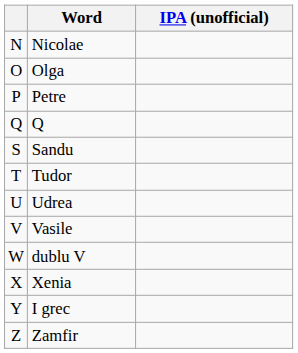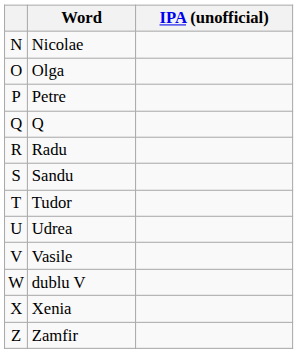 <table class="wikitable" style="display: inline-table">
 <tr>
 <th> </th>
 <th style="width:6em">Word</th>
 <th style="width:9em"><a href='#'>IPA</a> (unofficial)</th>
 </tr>
 <tr>
 <td align="center">N</td>
 <td>Nicolae</td>
 <td></td>
 </tr>
 <tr>
 <td align="center">O</td>
 <td>Olga</td>
 <td></td>
 </tr>
 <tr>
 <td align="center">P</td>
 <td>Petre</td>
 <td></td>
 </tr>
 <tr>
 <td align="center">Q</td>
 <td>Q</td>
+<td></td>
+</tr>
+<tr>
+<td align="center">R</td>
+<td>Radu</td>
 <td></td>
 </tr>
 <tr>
 <td align="center">S</td>
 <td>Sandu</td>
 <td></td>
 </tr>
 <tr>
 <td align="center">T</td>
 <td>Tudor</td>
 <td></td>
 </tr>
 <tr>
 <td align="center">U</td>
 <td>Udrea</td>
 <td></td>
 </tr>
 <tr>
 <td align="center">V</td>
 <td>Vasile</td>
 <td></td>
 </tr>
 <tr>
 <td align="center">W</td>
 <td>dublu V</td>
 <td></td>
 </tr>
 <tr>
 <td align="center">X</td>
 <td>Xenia</td>
 <td></td>
 </tr>
 <tr>
-<td align="center">Y</td>
-<td>I grec</td>
-<td></td>
-</tr>
-<tr>
 <td align="center">Z</td>
 <td>Zamfir</td>
 <td></td>
 </tr>
 </table>
